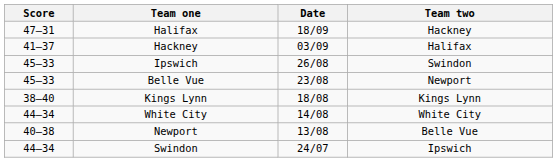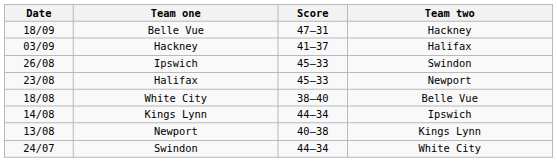 <table class="wikitable" style="text-align: center">
 <tr>
+<th width=80>Date</th>
+<th width=250>Team one</th>
 <th width=80>Score</th>
-<th width=250>Team one</th>
-<th width=80>Date</th>
 <th width=250>Team two</th>
 </tr>
 <tr>
+<td>18/09</td>
+<td>Belle Vue</td>
 <td>47–31</td>
-<td>Halifax</td>
-<td>18/09</td>
 <td>Hackney</td>
 </tr>
 <tr>
+<td>03/09</td>
+<td>Hackney</td>
 <td>41–37</td>
-<td>Hackney</td>
-<td>03/09</td>
 <td>Halifax</td>
 </tr>
 <tr>
+<td>26/08</td>
+<td>Ipswich</td>
 <td>45–33</td>
-<td>Ipswich</td>
-<td>26/08</td>
 <td>Swindon</td>
 </tr>
 <tr>
+<td>23/08</td>
+<td>Halifax</td>
 <td>45–33</td>
-<td>Belle Vue</td>
-<td>23/08</td>
 <td>Newport</td>
 </tr>
 <tr>
+<td>18/08</td>
+<td>White City</td>
 <td>38–40</td>
+<td>Belle Vue</td>
+</tr>
+<tr>
+<td>14/08</td>
 <td>Kings Lynn</td>
-<td>18/08</td>
+<td>44–34</td>
+<td>Ipswich</td>
+</tr>
+<tr>
+<td>13/08</td>
+<td>Newport</td>
+<td>40–38</td>
 <td>Kings Lynn</td>
 </tr>
 <tr>
+<td>24/07</td>
+<td>Swindon</td>
 <td>44–34</td>
 <td>White City</td>
-<td>14/08</td>
-<td>White City</td>
-</tr>
-<tr>
-<td>40–38</td>
-<td>Newport</td>
-<td>13/08</td>
-<td>Belle Vue</td>
-</tr>
-<tr>
-<td>44–34</td>
-<td>Swindon</td>
-<td>24/07</td>
-<td>Ipswich</td>
 </tr>
 </table>
